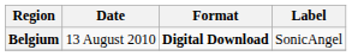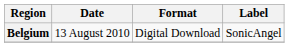 <table class="wikitable sortable plainrowheaders">
 <tr>
 <th scope="col">Region</th>
 <th scope="col">Date</th>
 <th scope="col">Format</th>
 <th scope="col">Label</th>
 </tr>
 <tr>
 <th scope="row">Belgium</th>
 <td>13 August 2010</td>
-<td><strong>Digital Download</strong></td>
+<td>Digital Download</td>
 <td>SonicAngel</td>
 </tr>
 <tr>
 </tr>
 </table>
